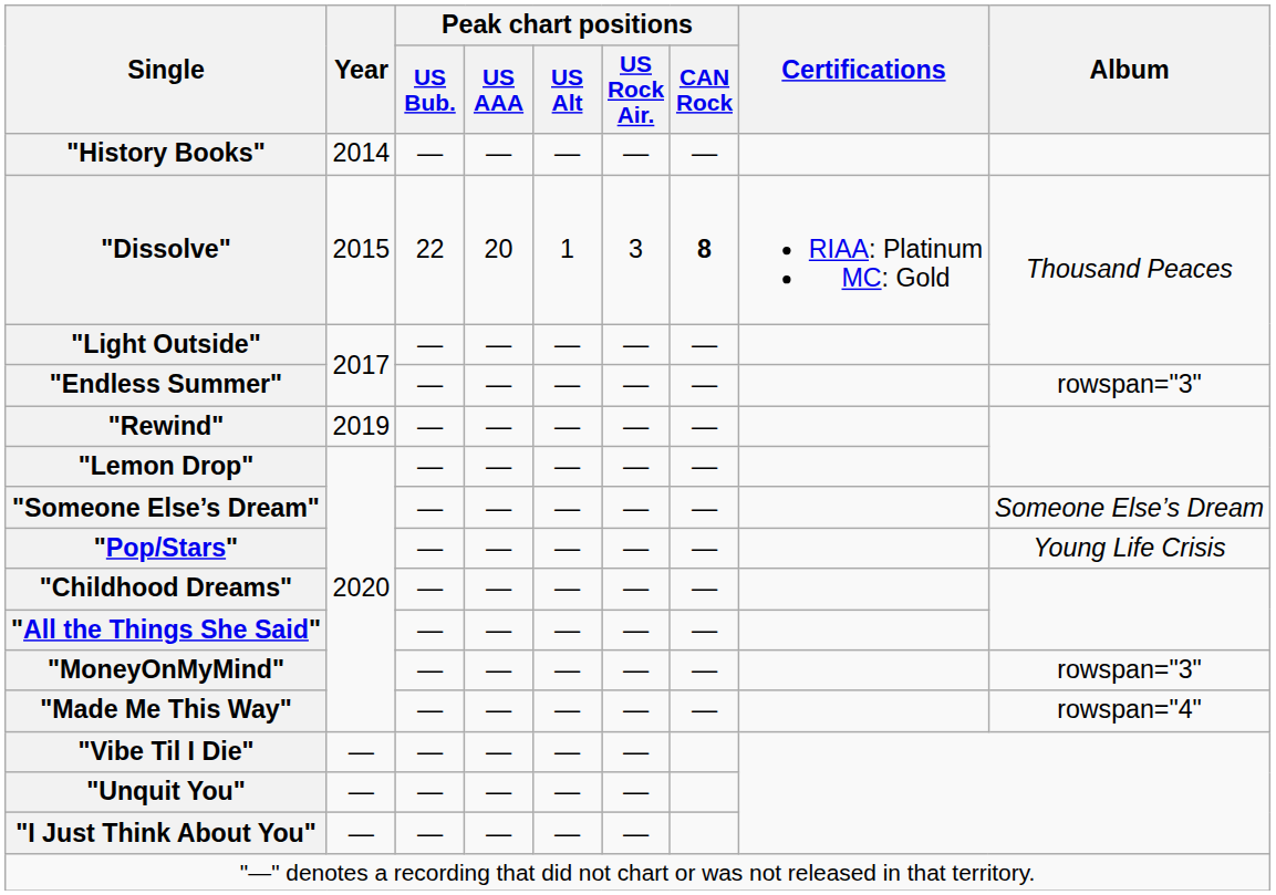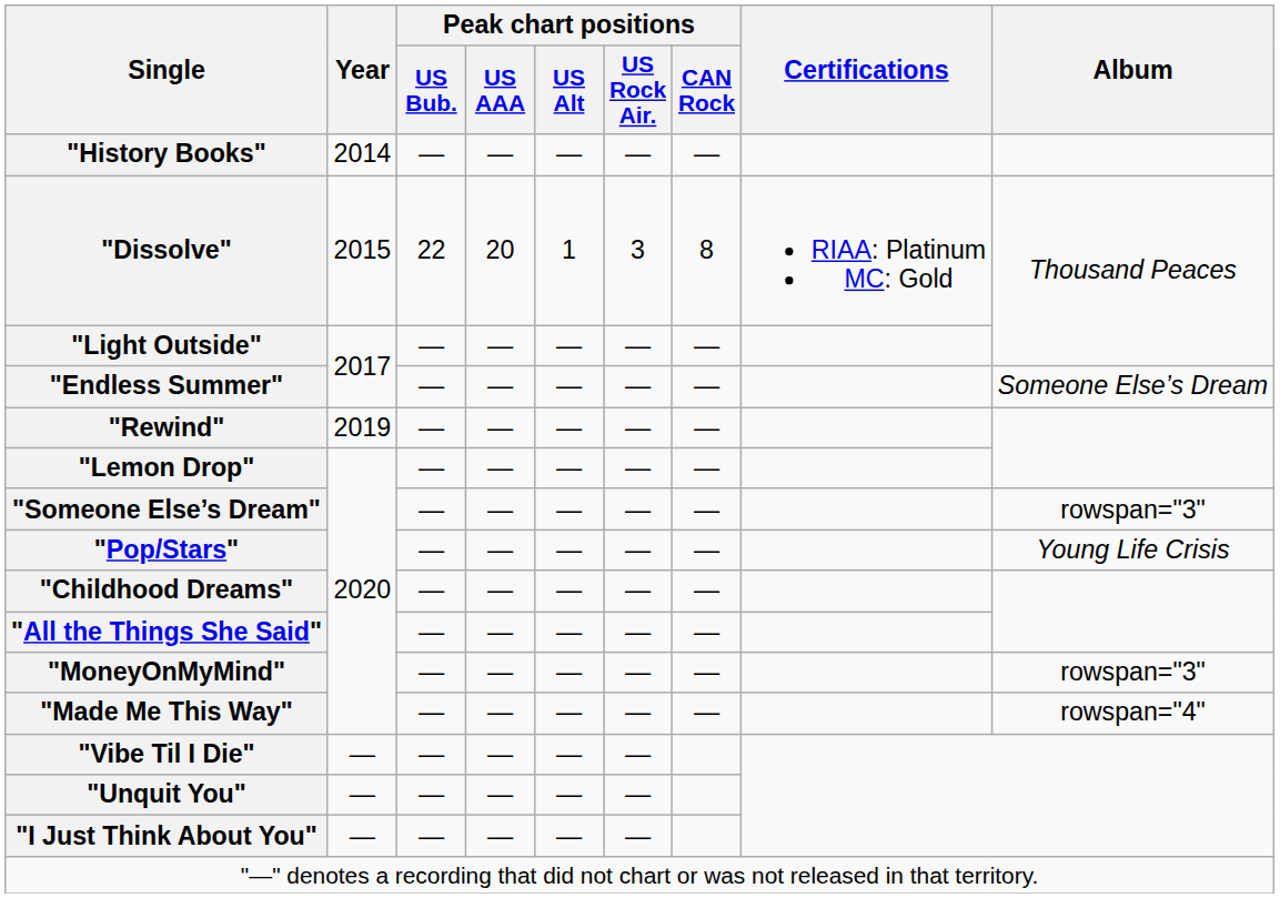 <table class="wikitable plainrowheaders" style="text-align:center;">
 <tr>
 <th scope="col" rowspan="2">Single</th>
 <th scope="col" rowspan="2">Year</th>
 <th scope="col" colspan="5">Peak chart positions</th>
 <th scope="col" rowspan="2"><a href='#'>Certifications</a></th>
 <th scope="col" rowspan="2">Album</th>
 </tr>
 <tr>
 <th scope="col" style="width:2.5em;font-size:90%;"><a href='#'>US<br>Bub.</a><br></th>
 <th scope="col" style="width:2.5em;font-size:90%;"><a href='#'>US<br>AAA</a><br></th>
 <th scope="col" style="width:2.5em;font-size:90%;"><a href='#'>US<br>Alt</a><br></th>
 <th scope="col" style="width:2.5em;font-size:90%;"><a href='#'>US<br>Rock<br>Air.</a><br></th>
 <th scope="col" style="width:2.5em;font-size:90%;"><a href='#'>CAN<br>Rock</a><br></th>
 </tr>
 <tr>
 <th scope="row">"History Books"</th>
 <td>2014</td>
 <td>—</td>
 <td>—</td>
 <td>—</td>
 <td>—</td>
 <td>—</td>
 <td></td>
 <td></td>
 </tr>
 <tr>
 <th scope="row">"Dissolve"</th>
 <td>2015</td>
 <td>22</td>
 <td>20</td>
 <td>1</td>
 <td>3</td>
-<td><strong>8</strong></td>
+<td>8</td>
 <td><br><ul><li><a href='#'>RIAA</a>: Platinum</li><li><a href='#'>MC</a>: Gold</li></ul></td>
 <td rowspan="2"><em>Thousand Peaces</em></td>
 </tr>
 <tr>
 <th scope="row">"Light Outside"</th>
 <td rowspan="2">2017</td>
 <td>—</td>
 <td>—</td>
 <td>—</td>
 <td>—</td>
 <td>—</td>
 <td></td>
 </tr>
 <tr>
 <th scope="row">"Endless Summer"</th>
 <td>—</td>
 <td>—</td>
 <td>—</td>
 <td>—</td>
 <td>—</td>
 <td></td>
-<td>rowspan="3" </td>
+<td><em>Someone Else’s Dream</em></td>
 </tr>
 <tr>
 <th scope="row">"Rewind"</th>
 <td>2019</td>
 <td>—</td>
 <td>—</td>
 <td>—</td>
 <td>—</td>
 <td>—</td>
 <td></td>
 </tr>
 <tr>
 <th scope="row">"Lemon Drop"</th>
 <td rowspan="7">2020</td>
 <td>—</td>
 <td>—</td>
 <td>—</td>
 <td>—</td>
 <td>—</td>
 <td></td>
 </tr>
 <tr>
 <th scope="row">"Someone Else’s Dream"</th>
 <td>—</td>
 <td>—</td>
 <td>—</td>
 <td>—</td>
 <td>—</td>
 <td></td>
-<td><em>Someone Else’s Dream</em></td>
+<td>rowspan="3" </td>
 </tr>
 <tr>
 <th scope="row">"<a href='#'>Pop/Stars</a>"<br></th>
 <td>—</td>
 <td>—</td>
 <td>—</td>
 <td>—</td>
 <td>—</td>
 <td></td>
 <td><em>Young Life Crisis</em></td>
 </tr>
 <tr>
 <th scope="row">"Childhood Dreams"<br></th>
 <td>—</td>
 <td>—</td>
 <td>—</td>
 <td>—</td>
 <td>—</td>
 <td></td>
 </tr>
 <tr>
 <th scope="row">"<a href='#'>All the Things She Said</a>"<br></th>
 <td>—</td>
 <td>—</td>
 <td>—</td>
 <td>—</td>
 <td>—</td>
 <td></td>
 </tr>
 <tr>
 <th scope="row">"MoneyOnMyMind"<br></th>
 <td>—</td>
 <td>—</td>
 <td>—</td>
 <td>—</td>
 <td>—</td>
 <td></td>
 <td>rowspan="3" </td>
 </tr>
 <tr>
 <th scope="row">"Made Me This Way"<br></th>
 <td>—</td>
 <td>—</td>
 <td>—</td>
 <td>—</td>
 <td>—</td>
 <td></td>
 <td>rowspan="4" </td>
 </tr>
 <tr>
 <th scope="row">"Vibe Til I Die"<br></th>
 <td>—</td>
 <td>—</td>
 <td>—</td>
 <td>—</td>
 <td>—</td>
 <td></td>
 </tr>
 <tr>
 <th scope="row">"Unquit You"<br></th>
 <td>—</td>
 <td>—</td>
 <td>—</td>
 <td>—</td>
 <td>—</td>
 <td></td>
 </tr>
 <tr>
 <th scope="row">"I Just Think About You"<br></th>
 <td>—</td>
 <td>—</td>
 <td>—</td>
 <td>—</td>
 <td>—</td>
 <td></td>
 </tr>
 <tr>
 <td colspan="10" style="font-size:90%">"—" denotes a recording that did not chart or was not released in that territory.</td>
 </tr>
 </table>
